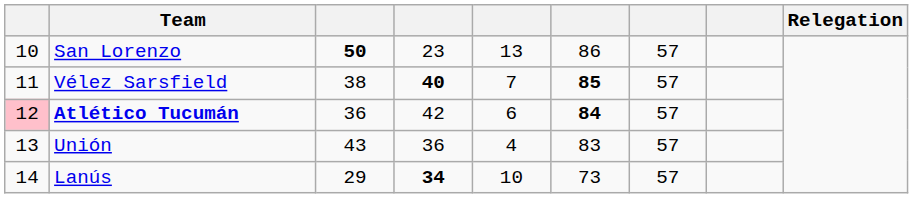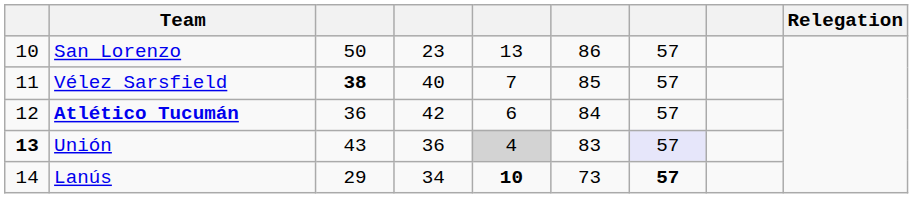 <table class="wikitable sortable" style="text-align: center;">
 <tr>
 <th width=25></th>
 <th width=185>Team</th>
 <th width=50></th>
 <th width=50></th>
 <th width=50></th>
 <th width=50></th>
 <th width=50></th>
 <th width=50></th>
 <th>Relegation</th>
 </tr>
 <tr>
 <td>10</td>
 <td align="left"><a href='#'>San Lorenzo</a></td>
-<td><strong>50</strong></td>
+<td>50</td>
 <td>23</td>
 <td>13</td>
 <td>86</td>
 <td>57</td>
 <td><strong></strong></td>
 </tr>
 <tr>
 <td>11</td>
 <td align="left"><a href='#'>Vélez Sarsfield</a></td>
-<td>38</td>
-<td><strong>40</strong></td>
+<td><strong>38</strong></td>
+<td>40</td>
 <td>7</td>
-<td><strong>85</strong></td>
+<td>85</td>
 <td>57</td>
 <td><strong></strong></td>
 </tr>
 <tr>
-<td style="background: pink;">12</td>
+<td>12</td>
 <td align="left"><strong><a href='#'>Atlético Tucumán</a></strong></td>
 <td>36</td>
 <td>42</td>
 <td>6</td>
-<td><strong>84</strong></td>
+<td>84</td>
 <td>57</td>
 <td><strong></strong></td>
 </tr>
 <tr>
-<td>13</td>
+<td><strong>13</strong></td>
 <td align="left"><a href='#'>Unión</a></td>
 <td>43</td>
 <td>36</td>
-<td>4</td>
+<td style="background: lightgrey;">4</td>
 <td>83</td>
-<td>57</td>
+<td style="background: lavender;">57</td>
 <td><strong></strong></td>
 </tr>
 <tr>
 <td>14</td>
 <td align="left"><a href='#'>Lanús</a></td>
 <td>29</td>
-<td><strong>34</strong></td>
-<td>10</td>
+<td>34</td>
+<td><strong>10</strong></td>
 <td>73</td>
-<td>57</td>
+<td><strong>57</strong></td>
 <td><strong></strong></td>
 </tr>
 </table>
